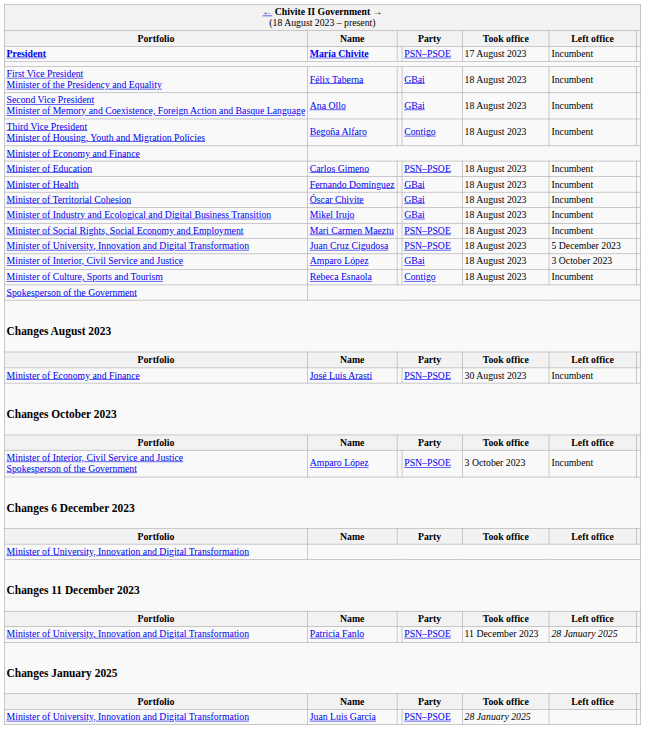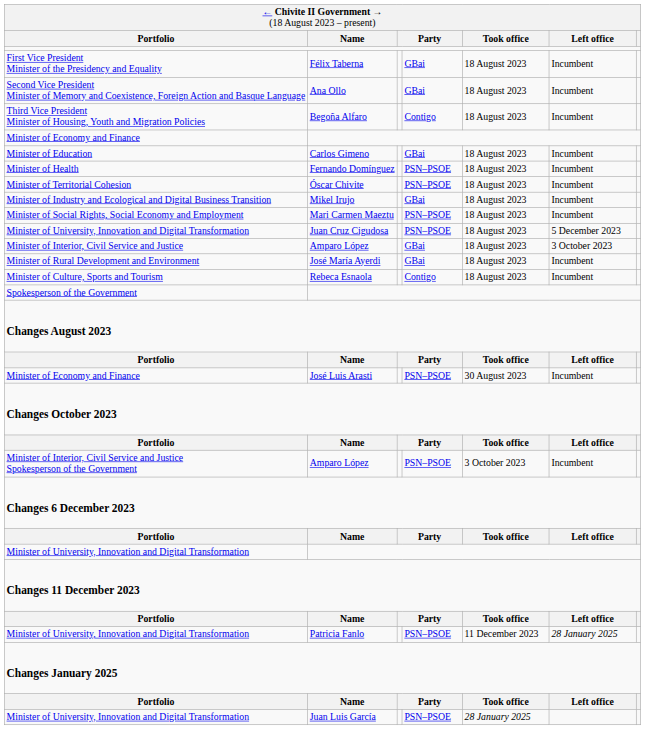 <table class="wikitable">
 <tr>
 <td colspan="7" bgcolor="#F2F2F2" align="center"><a href='#'>←</a> <strong>Chivite II Government</strong> →<br>(18 August 2023 – present)</td>
 </tr>
 <tr>
 <th>Portfolio</th>
 <th>Name</th>
 <th width="100px" colspan="2">Party</th>
 <th width="135px">Took office</th>
 <th width="135px">Left office</th>
 <th></th>
-</tr>
-<tr>
-<td><strong><a href='#'>President</a></strong></td>
-<td><strong><a href='#'>María Chivite</a></strong></td>
-<td width="1" style="color:inherit;background:"></td>
-<td><a href='#'>PSN–PSOE</a></td>
-<td>17 August 2023</td>
-<td>Incumbent</td>
-<td align="center"></td>
 </tr>
 <tr>
 <td colspan="7"></td>
 </tr>
 <tr>
 <td><a href='#'>First Vice President</a><br><a href='#'>Minister of the Presidency and Equality</a></td>
 <td><a href='#'>Félix Taberna</a></td>
 <td style="color:inherit;background:"></td>
 <td><a href='#'>GBai</a> </td>
 <td>18 August 2023</td>
 <td>Incumbent</td>
 <td align="center"><br></td>
 </tr>
 <tr>
 <td><a href='#'>Second Vice President</a><br><a href='#'>Minister of Memory and Coexistence, Foreign Action and Basque Language</a></td>
 <td><a href='#'>Ana Ollo</a></td>
 <td style="color:inherit;background:"></td>
 <td><a href='#'>GBai</a> </td>
 <td>18 August 2023</td>
 <td>Incumbent</td>
 <td align="center"><br></td>
 </tr>
 <tr>
 <td><a href='#'>Third Vice President</a><br><a href='#'>Minister of Housing, Youth and Migration Policies</a></td>
 <td><a href='#'>Begoña Alfaro</a></td>
 <td style="color:inherit;background:"></td>
 <td><a href='#'>Contigo</a> </td>
 <td>18 August 2023</td>
 <td>Incumbent</td>
 <td align="center"><br></td>
 </tr>
 <tr>
 <td><a href='#'>Minister of Economy and Finance</a></td>
 <td colspan="6"></td>
 </tr>
 <tr>
 <td><a href='#'>Minister of Education</a></td>
 <td><a href='#'>Carlos Gimeno</a></td>
 <td style="color:inherit;background:"></td>
-<td><a href='#'>PSN–PSOE</a></td>
+<td><a href='#'>GBai</a> </td>
 <td>18 August 2023</td>
 <td>Incumbent</td>
 <td align="center"></td>
 </tr>
 <tr>
 <td><a href='#'>Minister of Health</a></td>
 <td><a href='#'>Fernando Domínguez</a></td>
 <td style="color:inherit;background:"></td>
-<td><a href='#'>GBai</a> </td>
+<td><a href='#'>PSN–PSOE</a></td>
 <td>18 August 2023</td>
 <td>Incumbent</td>
 <td align="center"></td>
 </tr>
 <tr>
 <td><a href='#'>Minister of Territorial Cohesion</a></td>
 <td><a href='#'>Óscar Chivite</a></td>
 <td style="color:inherit;background:"></td>
-<td><a href='#'>GBai</a> </td>
+<td><a href='#'>PSN–PSOE</a></td>
 <td>18 August 2023</td>
 <td>Incumbent</td>
 <td align="center"></td>
 </tr>
 <tr>
 <td><a href='#'>Minister of Industry and Ecological and Digital Business Transition</a></td>
 <td><a href='#'>Mikel Irujo</a></td>
 <td style="color:inherit;background:"></td>
 <td><a href='#'>GBai</a> </td>
 <td>18 August 2023</td>
 <td>Incumbent</td>
 <td align="center"></td>
 </tr>
 <tr>
 <td><a href='#'>Minister of Social Rights, Social Economy and Employment</a></td>
 <td><a href='#'>Mari Carmen Maeztu</a></td>
 <td style="color:inherit;background:"></td>
 <td><a href='#'>PSN–PSOE</a></td>
 <td>18 August 2023</td>
 <td>Incumbent</td>
 <td align="center"></td>
 </tr>
 <tr>
 <td><a href='#'>Minister of University, Innovation and Digital Transformation</a></td>
 <td><a href='#'>Juan Cruz Cigudosa</a></td>
 <td style="color:inherit;background:"></td>
 <td><a href='#'>PSN–PSOE</a></td>
 <td>18 August 2023</td>
 <td>5 December 2023</td>
 <td align="center"></td>
 </tr>
 <tr>
 <td><a href='#'>Minister of Interior, Civil Service and Justice</a></td>
 <td><a href='#'>Amparo López</a></td>
 <td style="color:inherit;background:"></td>
 <td><a href='#'>GBai</a> </td>
 <td>18 August 2023</td>
 <td>3 October 2023</td>
+<td align="center"></td>
+</tr>
+<tr>
+<td><a href='#'>Minister of Rural Development and Environment</a></td>
+<td><a href='#'>José María Ayerdi</a></td>
+<td style="color:inherit;background:"></td>
+<td><a href='#'>GBai</a> </td>
+<td>18 August 2023</td>
+<td>Incumbent</td>
 <td align="center"></td>
 </tr>
 <tr>
 <td><a href='#'>Minister of Culture, Sports and Tourism</a></td>
 <td><a href='#'>Rebeca Esnaola</a></td>
 <td style="color:inherit;background:"></td>
 <td><a href='#'>Contigo</a> </td>
 <td>18 August 2023</td>
 <td>Incumbent</td>
 <td align="center"></td>
 </tr>
 <tr>
 <td><a href='#'>Spokesperson of the Government</a></td>
 <td colspan="6"></td>
 </tr>
 <tr>
 <td colspan="7"><br><h3>Changes August 2023</h3></td>
 </tr>
 <tr>
 <th>Portfolio</th>
 <th>Name</th>
 <th colspan="2">Party</th>
 <th>Took office</th>
 <th>Left office</th>
 <th></th>
 </tr>
 <tr>
 <td><a href='#'>Minister of Economy and Finance</a></td>
 <td><a href='#'>José Luis Arasti</a></td>
 <td style="color:inherit;background:"></td>
 <td><a href='#'>PSN–PSOE</a></td>
 <td>30 August 2023</td>
 <td>Incumbent</td>
 <td align="center"></td>
 </tr>
 <tr>
 <td colspan="7"><br><h3>Changes October 2023</h3></td>
 </tr>
 <tr>
 <th>Portfolio</th>
 <th>Name</th>
 <th colspan="2">Party</th>
 <th>Took office</th>
 <th>Left office</th>
 <th></th>
 </tr>
 <tr>
 <td><a href='#'>Minister of Interior, Civil Service and Justice</a><br><a href='#'>Spokesperson of the Government</a></td>
 <td><a href='#'>Amparo López</a></td>
 <td style="color:inherit;background:"></td>
 <td><a href='#'>PSN–PSOE</a></td>
 <td>3 October 2023</td>
 <td>Incumbent</td>
 <td align="center"></td>
 </tr>
 <tr>
 <td colspan="7"><br><h3>Changes 6 December 2023</h3></td>
 </tr>
 <tr>
 <th>Portfolio</th>
 <th>Name</th>
 <th colspan="2">Party</th>
 <th>Took office</th>
 <th>Left office</th>
 <th></th>
 </tr>
 <tr>
 <td><a href='#'>Minister of University, Innovation and Digital Transformation</a></td>
 <td colspan="6"></td>
 </tr>
 <tr>
 <td colspan="7"><br><h3>Changes 11 December 2023</h3></td>
 </tr>
 <tr>
 <th>Portfolio</th>
 <th>Name</th>
 <th colspan="2">Party</th>
 <th>Took office</th>
 <th>Left office</th>
 <th></th>
 </tr>
 <tr>
 <td><a href='#'>Minister of University, Innovation and Digital Transformation</a></td>
 <td><a href='#'>Patricia Fanlo</a></td>
 <td style="color:inherit;background:"></td>
 <td><a href='#'>PSN–PSOE</a></td>
 <td>11 December 2023</td>
 <td><em>28 January 2025</em></td>
 <td align="center"></td>
 </tr>
 <tr>
 <td colspan="7"><br><h3>Changes January 2025</h3></td>
 </tr>
 <tr>
 <th>Portfolio</th>
 <th>Name</th>
 <th colspan="2">Party</th>
 <th>Took office</th>
 <th>Left office</th>
 <th></th>
 </tr>
 <tr>
 <td><a href='#'>Minister of University, Innovation and Digital Transformation</a></td>
 <td><a href='#'>Juan Luis García</a></td>
 <td style="color:inherit;background:"></td>
 <td><a href='#'>PSN–PSOE</a></td>
 <td><em>28 January 2025</em></td>
 <td></td>
 <td align="center"></td>
 </tr>
 </table>
